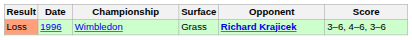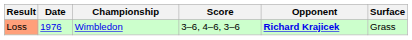 <table class="wikitable">
 <tr>
 <th style="width:40px">Result</th>
 <th style="width:50px">Date</th>
 <th style="width:170px">Championship</th>
+<th style="width:130px" class="unsortable">Score</th>
+<th style="width:170px">Opponent</th>
 <th style="width:50px">Surface</th>
-<th style="width:170px">Opponent</th>
-<th style="width:130px" class="unsortable">Score</th>
 </tr>
 <tr style="background:#cfc;">
 <td style="background:#ffa07a;">Loss</td>
-<td><a href='#'>1996</a></td>
+<td><a href='#'>1976</a></td>
 <td><a href='#'>Wimbledon</a></td>
+<td>3–6, 4–6, 3–6</td>
+<td><strong> <a href='#'>Richard Krajicek</a></strong></td>
 <td>Grass</td>
-<td><strong> <a href='#'>Richard Krajicek</a></strong></td>
-<td>3–6, 4–6, 3–6</td>
 </tr>
 </table>
